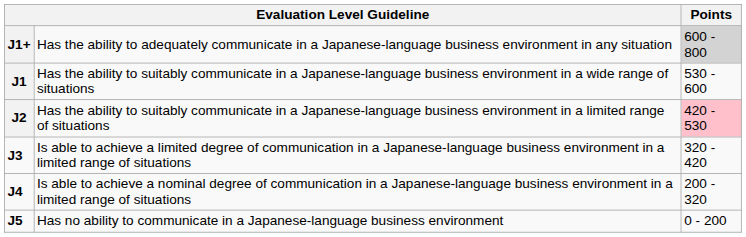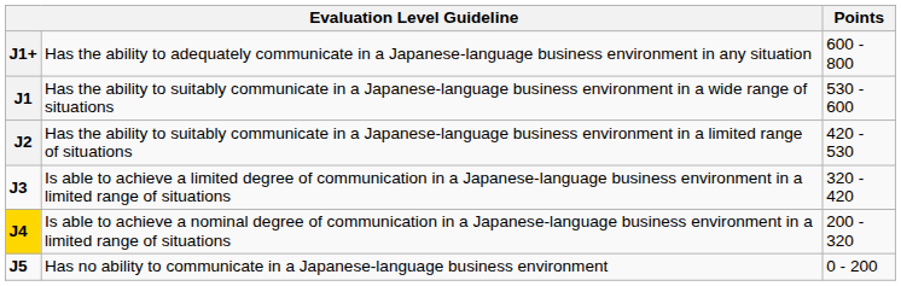 <table class="wikitable">
 <tr>
 <th colspan="2"><strong>Evaluation Level Guideline</strong></th>
 <th>Points</th>
 </tr>
 <tr>
 <th>J1+</th>
 <td>Has the ability to adequately communicate in a Japanese-language business environment in any situation</td>
-<td style="background: lightgrey;">600 - 800</td>
+<td>600 - 800</td>
 </tr>
 <tr>
 <th>J1</th>
 <td>Has the ability to suitably communicate in a Japanese-language business environment in a wide range of situations</td>
 <td>530 - 600</td>
 </tr>
 <tr>
 <th>J2</th>
 <td>Has the ability to suitably communicate in a Japanese-language business environment in a limited range of situations</td>
-<td style="background: pink;">420 - 530</td>
+<td>420 - 530</td>
 </tr>
 <tr>
 <td><strong>J3</strong></td>
 <td>Is able to achieve a limited degree of communication in a Japanese-language business environment in a limited range of situations</td>
 <td>320 - 420</td>
 </tr>
 <tr>
-<td><strong>J4</strong></td>
+<td style="background: gold;"><strong>J4</strong></td>
 <td>Is able to achieve a nominal degree of communication in a Japanese-language business environment in a limited range of situations</td>
 <td>200 - 320</td>
 </tr>
 <tr>
 <td><strong>J5</strong></td>
 <td>Has no ability to communicate in a Japanese-language business environment</td>
 <td>0 - 200</td>
 </tr>
 </table>
